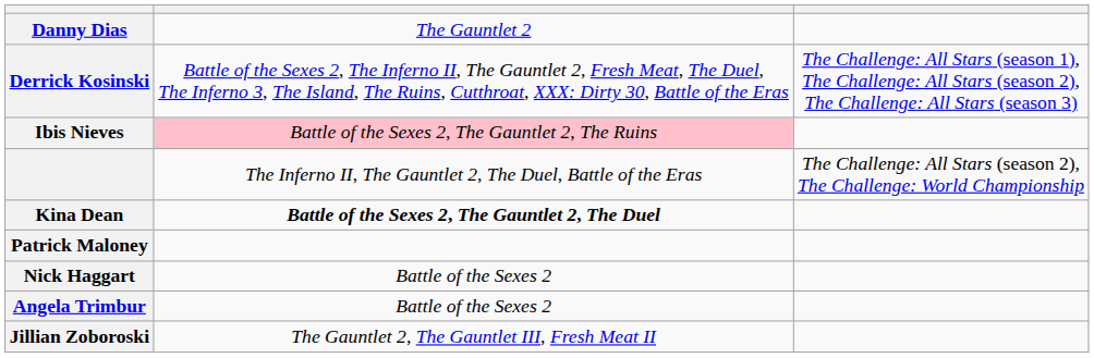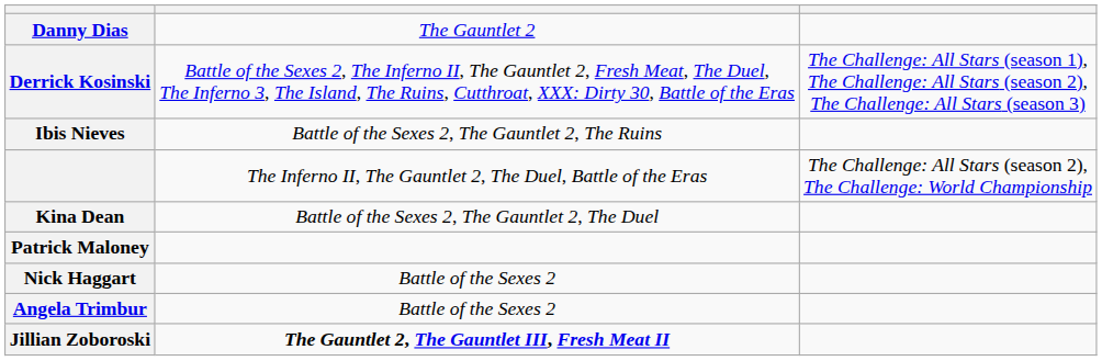 <table class="wikitable sortable" style="text-align:center">
 <tr>
 <th scope="col"></th>
 <th scope="col"></th>
 <th scope="col"></th>
 </tr>
 <tr>
 <th scope="row"><a href='#'>Danny Dias</a></th>
 <td><em><a href='#'>The Gauntlet 2</a></em></td>
 <td></td>
 </tr>
 <tr>
 <th scope="row"><a href='#'>Derrick Kosinski</a></th>
 <td><em><a href='#'>Battle of the Sexes 2</a></em>, <em><a href='#'>The Inferno II</a></em>, <em>The Gauntlet 2</em>, <em><a href='#'>Fresh Meat</a></em>, <em><a href='#'>The Duel</a></em>,<br><em><a href='#'>The Inferno 3</a></em>, <em><a href='#'>The Island</a></em>, <em><a href='#'>The Ruins</a></em>, <em><a href='#'>Cutthroat</a></em>, <em><a href='#'>XXX: Dirty 30</a></em>, <em><a href='#'>Battle of the Eras</a></em></td>
 <td><a href='#'><em>The Challenge: All Stars</em> (season 1)</a>,<br><a href='#'><em>The Challenge: All Stars</em> (season 2)</a>,<br><a href='#'><em>The Challenge: All Stars</em> (season 3)</a></td>
 </tr>
 <tr>
 <th scope="row">Ibis Nieves</th>
-<td style="background: pink;"><em>Battle of the Sexes 2</em>, <em>The Gauntlet 2</em>, <em>The Ruins</em></td>
+<td><em>Battle of the Sexes 2</em>, <em>The Gauntlet 2</em>, <em>The Ruins</em></td>
 <td></td>
 </tr>
 <tr>
 <th scope="row"></th>
 <td><em>The Inferno II</em>, <em>The Gauntlet 2</em>, <em>The Duel</em>, <em>Battle of the Eras</em></td>
 <td><em>The Challenge: All Stars</em> (season 2),<br><em><a href='#'>The Challenge: World Championship</a></em></td>
 </tr>
 <tr>
 <th scope="row">Kina Dean</th>
-<td><strong><em>Battle of the Sexes 2</em>, <em>The Gauntlet 2</em>, <em>The Duel</em></strong></td>
+<td><em>Battle of the Sexes 2</em>, <em>The Gauntlet 2</em>, <em>The Duel</em></td>
 <td></td>
 </tr>
 <tr>
 <th scope="row">Patrick Maloney</th>
 <td></td>
 <td></td>
 </tr>
 <tr>
 <th scope="row">Nick Haggart</th>
 <td><em>Battle of the Sexes 2</em></td>
 <td></td>
 </tr>
 <tr>
 <th scope="row"><a href='#'>Angela Trimbur</a></th>
 <td><em>Battle of the Sexes 2</em></td>
 <td></td>
 </tr>
 <tr>
 <th scope="row">Jillian Zoboroski</th>
-<td><em>The Gauntlet 2</em>, <em><a href='#'>The Gauntlet III</a></em>, <em><a href='#'>Fresh Meat II</a></em></td>
+<td><strong><em>The Gauntlet 2</em>, <em><a href='#'>The Gauntlet III</a></em>, <em><a href='#'>Fresh Meat II</a></em></strong></td>
 <td></td>
 </tr>
 </table>
